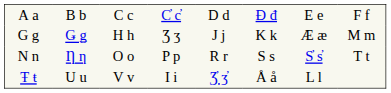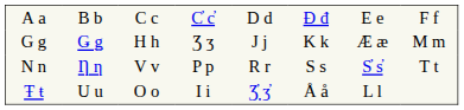 <table style="font-family:Arial Unicode MS; font-size:1.4em; border-color:#000000; border-width:1px; border-style:solid; border-collapse:collapse; background-color:#F8F8EF">
 <tr>
 <td style="width:3em; text-align:center; padding: 3px;">А а</td>
 <td style="width:3em; text-align:center; padding: 3px;">B b</td>
 <td style="width:3em; text-align:center; padding: 3px;">C c</td>
 <td style="width:3em; text-align:center; padding: 3px;"><a href='#'>C̓ c̓</a></td>
 <td style="width:3em; text-align:center; padding: 3px;">D d</td>
 <td style="width:3em; text-align:center; padding: 3px;"><a href='#'>Đ đ</a></td>
 <td style="width:3em; text-align:center; padding: 3px;">E e</td>
 <td style="width:3em; text-align:center; padding: 3px;">F f</td>
 </tr>
 <tr>
 <td style="width:3em; text-align:center; padding: 3px;">G g</td>
 <td style="width:3em; text-align:center; padding: 3px;"><a href='#'>Ǥ ǥ</a></td>
 <td style="width:3em; text-align:center; padding: 3px;">H h</td>
 <td style="width:3em; text-align:center; padding: 3px;">Ʒ ʒ</td>
 <td style="width:3em; text-align:center; padding: 3px;">J j</td>
 <td style="width:3em; text-align:center; padding: 3px;">K k</td>
 <td style="width:3em; text-align:center; padding: 3px;">Æ æ</td>
 <td style="width:3em; text-align:center; padding: 3px;">M m</td>
 </tr>
 <tr>
 <td style="width:3em; text-align:center; padding: 3px;">N n</td>
 <td style="width:3em; text-align:center; padding: 3px;"><a href='#'>Ƞ ƞ</a></td>
-<td style="width:3em; text-align:center; padding: 3px;">O o</td>
+<td style="width:3em; text-align:center; padding: 3px;">V v</td>
 <td style="width:3em; text-align:center; padding: 3px;">P p</td>
 <td style="width:3em; text-align:center; padding: 3px;">R r</td>
 <td style="width:3em; text-align:center; padding: 3px;">S s</td>
 <td style="width:3em; text-align:center; padding: 3px;"><a href='#'>S̓ s̓</a></td>
 <td style="width:3em; text-align:center; padding: 3px;">T t</td>
 </tr>
 <tr>
 <td style="width:3em; text-align:center; padding: 3px;"><a href='#'>Ŧ ŧ</a></td>
 <td style="width:3em; text-align:center; padding: 3px;">U u</td>
-<td style="width:3em; text-align:center; padding: 3px;">V v</td>
+<td style="width:3em; text-align:center; padding: 3px;">O o</td>
 <td style="width:3em; text-align:center; padding: 3px;">I i</td>
 <td style="width:3em; text-align:center; padding: 3px;"><a href='#'>Ʒ̓ ʒ̓</a></td>
 <td style="width:3em; text-align:center; padding: 3px;">Å å</td>
 <td style="width:3em; text-align:center; padding: 3px;">L l</td>
 <td></td>
 </tr>
 </table>
